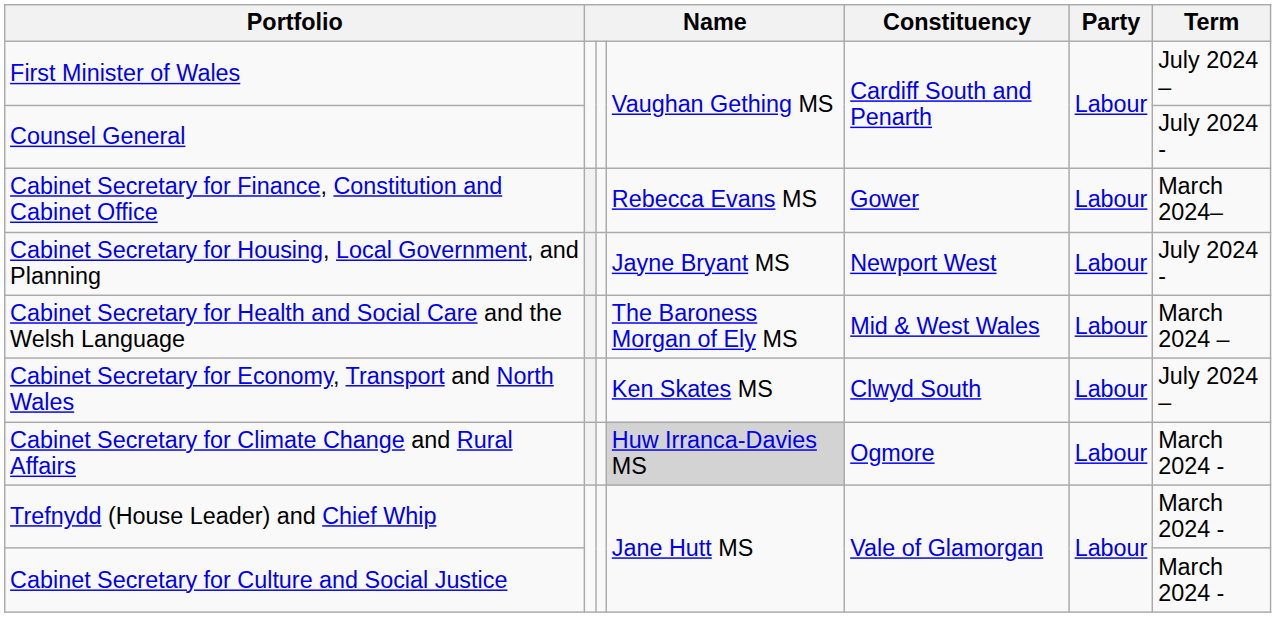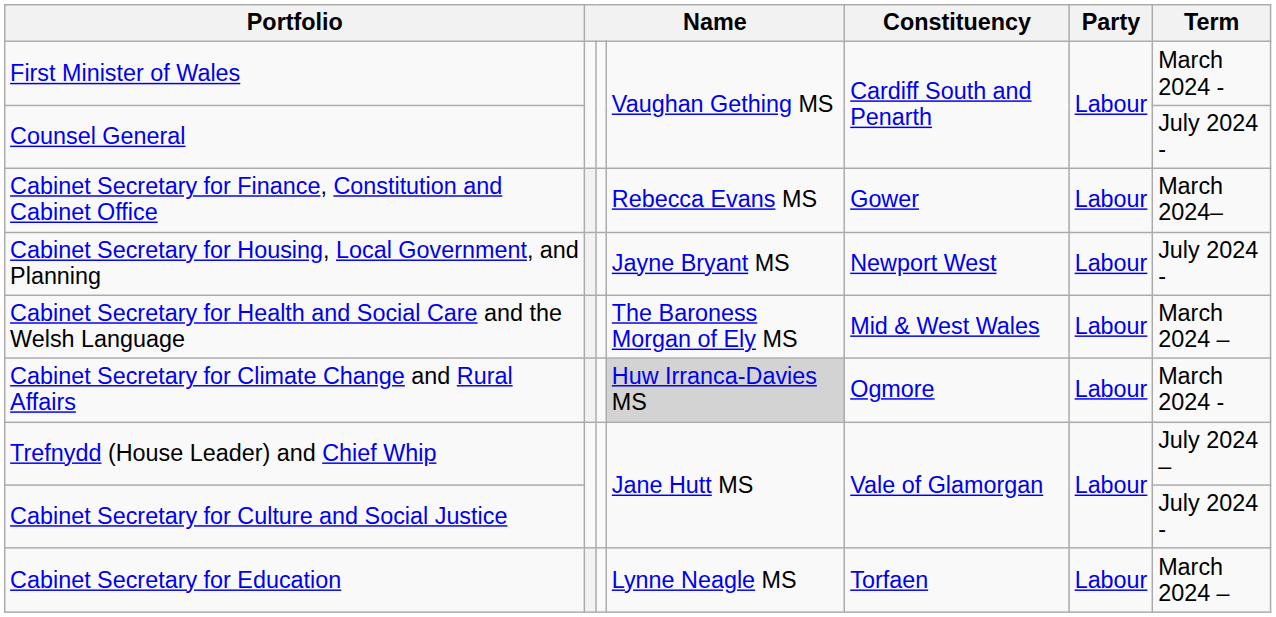 <table class="wikitable">
 <tr>
 <th style="width: 390px">Portfolio</th>
 <th colspan="3">Name</th>
 <th>Constituency</th>
 <th>Party</th>
 <th>Term</th>
 </tr>
 <tr>
 <td><a href='#'>First Minister of Wales</a></td>
 <td rowspan="2" style="background-color: "></td>
 <td rowspan="2"></td>
 <td rowspan="2"><a href='#'>Vaughan Gething</a> MS</td>
 <td rowspan="2"><a href='#'>Cardiff South and Penarth</a></td>
 <td rowspan="2"><a href='#'>Labour</a></td>
-<td>July 2024 –</td>
+<td>March 2024 -</td>
 </tr>
 <tr>
 <td><a href='#'>Counsel General</a></td>
 <td>July 2024 -</td>
 </tr>
 <tr>
 <td><a href='#'>Cabinet Secretary for Finance</a>, <a href='#'>Constitution and Cabinet Office</a></td>
 <th style="background-color: "></th>
 <td></td>
 <td><a href='#'>Rebecca Evans</a> MS</td>
 <td><a href='#'>Gower</a></td>
 <td><a href='#'>Labour</a></td>
 <td>March 2024–</td>
 </tr>
 <tr>
 <td><a href='#'>Cabinet Secretary for Housing</a>, <a href='#'>Local Government</a>, and Planning</td>
 <th style="background-color: "></th>
 <td></td>
 <td><a href='#'>Jayne Bryant</a> MS</td>
 <td><a href='#'>Newport West</a></td>
 <td><a href='#'>Labour</a></td>
 <td>July 2024 -</td>
 </tr>
 <tr>
 <td><a href='#'>Cabinet Secretary for Health and Social Care</a> and the Welsh Language</td>
 <th style="background-color: "></th>
 <td></td>
 <td><a href='#'>The Baroness Morgan of Ely</a> MS</td>
 <td><a href='#'>Mid & West Wales</a></td>
 <td><a href='#'>Labour</a></td>
 <td>March 2024 –</td>
 </tr>
 <tr>
-<td><a href='#'>Cabinet Secretary for Economy</a>, <a href='#'>Transport</a> and <a href='#'>North Wales</a></td>
-<th style="background-color: "></th>
-<td></td>
-<td><a href='#'>Ken Skates</a> MS</td>
-<td><a href='#'>Clwyd South</a></td>
-<td><a href='#'>Labour</a></td>
-<td>July 2024 –</td>
-</tr>
-<tr>
 <td><a href='#'>Cabinet Secretary for Climate Change</a> and <a href='#'>Rural Affairs</a></td>
 <th style="background-color: "></th>
 <td></td>
 <td style="background: lightgrey;"><a href='#'>Huw Irranca-Davies</a><br>MS</td>
 <td><a href='#'>Ogmore</a></td>
 <td><a href='#'>Labour</a></td>
 <td>March 2024 -</td>
 </tr>
 <tr>
 <td><a href='#'>Trefnydd</a> (House Leader) and <a href='#'>Chief Whip</a></td>
 <td rowspan="2" style="background-color: "></td>
 <td rowspan="2"></td>
 <td rowspan="2"><a href='#'>Jane Hutt</a> MS</td>
 <td rowspan="2"><a href='#'>Vale of Glamorgan</a></td>
 <td rowspan="2"><a href='#'>Labour</a></td>
-<td>March 2024 -</td>
+<td>July 2024 –</td>
 </tr>
 <tr>
 <td><a href='#'>Cabinet Secretary for Culture and Social Justice</a></td>
-<td>March 2024 -</td>
+<td>July 2024 -</td>
+</tr>
+<tr>
+<td><a href='#'>Cabinet Secretary for Education</a></td>
+<th style="background-color: "></th>
+<td></td>
+<td><a href='#'>Lynne Neagle</a> MS</td>
+<td><a href='#'>Torfaen</a></td>
+<td><a href='#'>Labour</a></td>
+<td>March 2024 –</td>
 </tr>
 </table>
